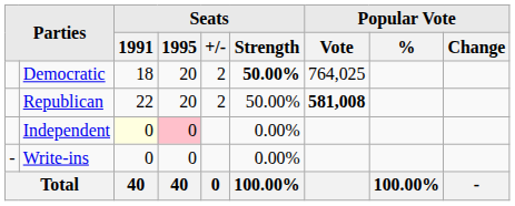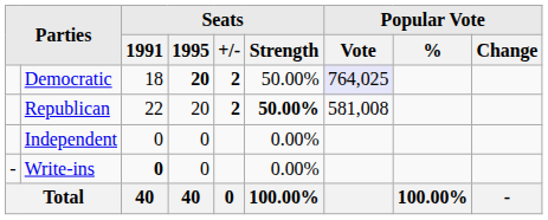 <table class=wikitable>
 <tr>
 <th style="background-color:#E9E9E9" align=center rowspan= 2 colspan=2>Parties</th>
 <th style="background-color:#E9E9E9" align=center colspan=4>Seats</th>
 <th style="background-color:#E9E9E9" align=center colspan=3>Popular Vote</th>
 </tr>
 <tr>
 <th align=center>1991</th>
 <th align=center>1995</th>
 <th align=center>+/-</th>
 <th align=center>Strength</th>
 <th align=center>Vote</th>
 <th align=center>%</th>
 <th align=center>Change</th>
 </tr>
 <tr>
 <td></td>
 <td align=left><a href='#'>Democratic</a></td>
 <td align=right>18</td>
-<td align=right >20</td>
-<td align=right> 2</td>
-<td align=right ><strong>50.00%</strong></td>
-<td align=right >764,025</td>
+<td align=right ><strong>20</strong></td>
+<td align=right><strong> 2</strong></td>
+<td align=right >50.00%</td>
+<td align=right  style="background: lavender;">764,025</td>
 <td align=right ></td>
 <td align=right></td>
 </tr>
 <tr>
 <td></td>
 <td align=left><a href='#'>Republican</a></td>
 <td align=right >22</td>
 <td align=right >20</td>
-<td align=right> 2</td>
-<td align=right >50.00%</td>
-<td align=right><strong>581,008</strong></td>
+<td align=right><strong> 2</strong></td>
+<td align=right ><strong>50.00%</strong></td>
+<td align=right>581,008</td>
 <td align=right></td>
 <td align=right></td>
 </tr>
 <tr>
 <td></td>
 <td><a href='#'>Independent</a></td>
-<td align=right style="background: lightyellow;">0</td>
-<td align=right style="background: pink;">0</td>
+<td align=right>0</td>
+<td align=right>0</td>
 <td align=right></td>
 <td align=right>0.00%</td>
 <td align=right></td>
 <td align=right></td>
 <td align=right></td>
 </tr>
 <tr>
 <td>-</td>
 <td><a href='#'>Write-ins</a></td>
-<td align=right>0</td>
+<td align=right><strong>0</strong></td>
 <td align=right>0</td>
 <td align=right></td>
 <td align=right>0.00%</td>
 <td align=right></td>
 <td align=right></td>
 <td align=right></td>
 </tr>
 <tr>
 <th align=center colspan="2">Total</th>
 <th align=center>40</th>
 <th align=center>40</th>
 <th align=center>0</th>
 <th align=center>100.00%</th>
 <th align=center></th>
 <th align=center>100.00%</th>
 <th align=center>-</th>
 </tr>
 </table>
